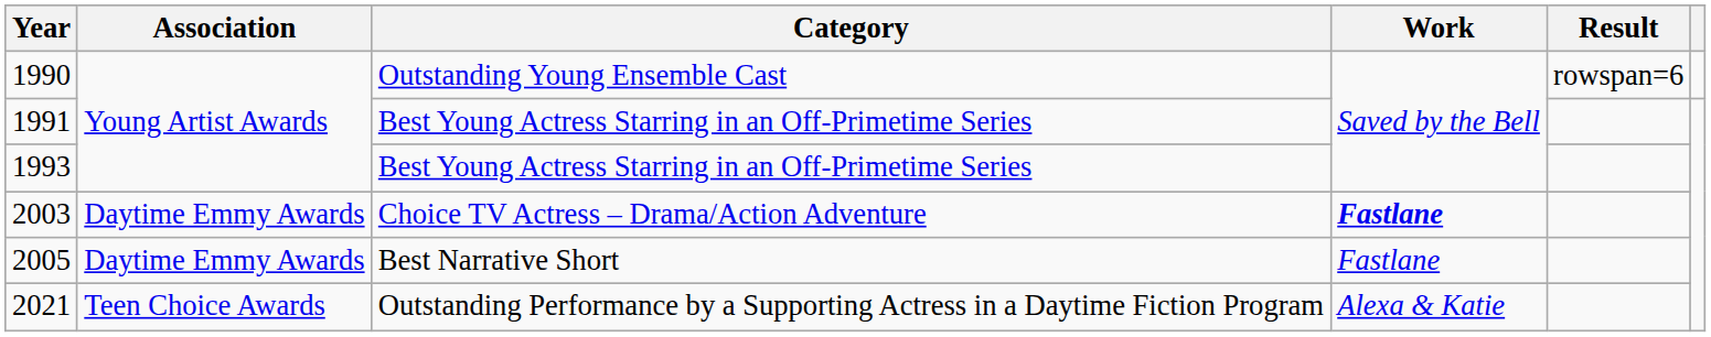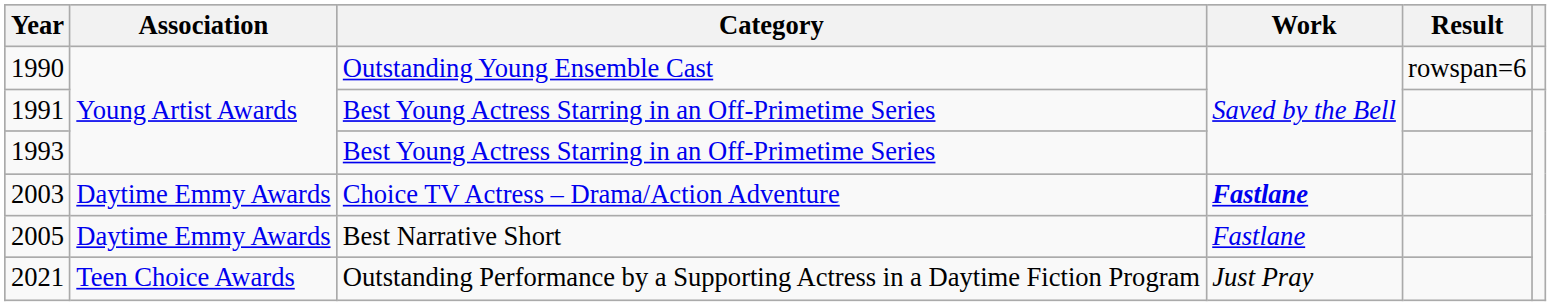 <table class="wikitable">
 <tr>
 <th>Year</th>
 <th>Association</th>
 <th>Category</th>
 <th>Work</th>
 <th>Result</th>
 <th></th>
 </tr>
 <tr>
 <td>1990</td>
 <td rowspan=3><a href='#'>Young Artist Awards</a></td>
 <td><a href='#'>Outstanding Young Ensemble Cast</a></td>
 <td rowspan=3><em><a href='#'>Saved by the Bell</a></em></td>
 <td>rowspan=6 </td>
 <td style="text-align:center;"></td>
 </tr>
 <tr>
 <td>1991</td>
 <td><a href='#'>Best Young Actress Starring in an Off-Primetime Series</a></td>
 <td style="text-align:center;"></td>
 </tr>
 <tr>
 <td>1993</td>
 <td><a href='#'>Best Young Actress Starring in an Off-Primetime Series</a></td>
 <td style="text-align:center;"></td>
 </tr>
 <tr>
 <td>2003</td>
 <td><a href='#'>Daytime Emmy Awards</a></td>
 <td><a href='#'>Choice TV Actress – Drama/Action Adventure</a></td>
 <td><strong><a href='#'><em>Fastlane</em></a></strong></td>
 <td style="text-align:center;"></td>
 </tr>
 <tr>
 <td>2005</td>
 <td><a href='#'>Daytime Emmy Awards</a></td>
 <td>Best Narrative Short</td>
 <td><a href='#'><em>Fastlane</em></a></td>
 <td style="text-align:center;"></td>
 </tr>
 <tr>
 <td>2021</td>
 <td><a href='#'>Teen Choice Awards</a></td>
 <td>Outstanding Performance by a Supporting Actress in a Daytime Fiction Program</td>
-<td><em><a href='#'>Alexa & Katie</a></em></td>
+<td><em>Just Pray</em></td>
 <td style="text-align:center;"></td>
 </tr>
 </table>
